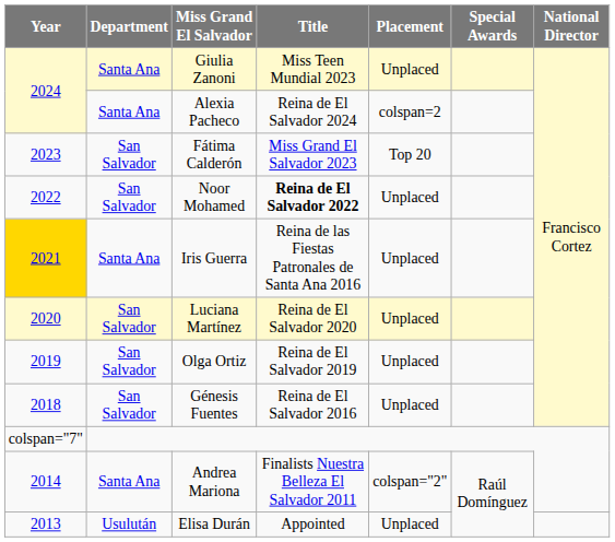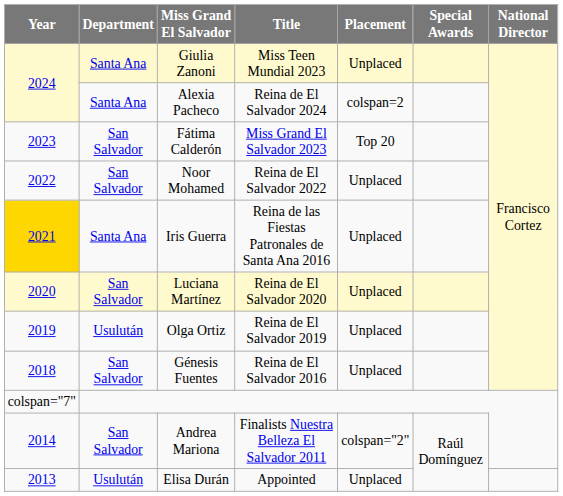 <table class="wikitable" style="font-size: 95%; text-align:center">
 <tr>
 <th style="background-color:#787878;color:#FFFFFF;">Year</th>
 <th style="background-color:#787878;color:#FFFFFF;">Department</th>
 <th style="background-color:#787878;color:#FFFFFF;">Miss Grand El Salvador</th>
 <th style="background-color:#787878;color:#FFFFFF;">Title</th>
 <th style="background-color:#787878;color:#FFFFFF;">Placement</th>
 <th style="background-color:#787878;color:#FFFFFF;">Special Awards</th>
 <th style="background-color:#787878;color:#FFFFFF;">National Director</th>
 </tr>
 <tr bgcolor=#FFFACD>
 <td rowspan=2><a href='#'>2024</a></td>
 <td><a href='#'>Santa Ana</a></td>
 <td>Giulia Zanoni</td>
 <td>Miss Teen Mundial 2023</td>
 <td>Unplaced</td>
 <td></td>
 <td rowspan=8>Francisco Cortez</td>
 </tr>
 <tr>
 <td><a href='#'>Santa Ana</a></td>
 <td>Alexia Pacheco</td>
 <td>Reina de El Salvador 2024</td>
 <td>colspan=2 </td>
 </tr>
 <tr>
 <td><a href='#'>2023</a></td>
 <td><a href='#'>San Salvador</a></td>
 <td>Fátima Calderón</td>
 <td><a href='#'>Miss Grand El Salvador 2023</a></td>
 <td>Top 20</td>
 <td></td>
 </tr>
 <tr>
 <td><a href='#'>2022</a></td>
 <td><a href='#'>San Salvador</a></td>
 <td>Noor Mohamed</td>
-<td><strong>Reina de El Salvador 2022</strong></td>
+<td>Reina de El Salvador 2022</td>
 <td>Unplaced</td>
 <td></td>
 </tr>
 <tr>
 <td style="background: gold;"><a href='#'>2021</a></td>
 <td><a href='#'>Santa Ana</a></td>
 <td>Iris Guerra</td>
 <td>Reina de las Fiestas Patronales de Santa Ana 2016</td>
 <td>Unplaced</td>
 <td></td>
 </tr>
 <tr bgcolor=#FFFACD>
 <td><a href='#'>2020</a></td>
 <td><a href='#'>San Salvador</a></td>
 <td>Luciana Martínez</td>
 <td>Reina de El Salvador 2020</td>
 <td>Unplaced</td>
 <td></td>
 </tr>
 <tr>
 <td><a href='#'>2019</a></td>
-<td><a href='#'>San Salvador</a></td>
+<td><a href='#'>Usulután</a></td>
 <td>Olga Ortiz</td>
 <td>Reina de El Salvador 2019</td>
 <td>Unplaced</td>
 <td></td>
 </tr>
 <tr>
 <td><a href='#'>2018</a></td>
 <td><a href='#'>San Salvador</a></td>
 <td>Génesis Fuentes</td>
 <td>Reina de El Salvador 2016</td>
 <td>Unplaced</td>
 <td></td>
 </tr>
 <tr>
 <td>colspan="7" </td>
 </tr>
 <tr>
 <td><a href='#'>2014</a></td>
-<td><a href='#'>Santa Ana</a></td>
+<td><a href='#'>San Salvador</a></td>
 <td>Andrea Mariona</td>
 <td>Finalists <a href='#'>Nuestra Belleza El Salvador 2011</a></td>
 <td>colspan="2" </td>
 <td rowspan=2>Raúl Domínguez</td>
 </tr>
 <tr>
 <td><a href='#'>2013</a></td>
 <td><a href='#'>Usulután</a></td>
 <td>Elisa Durán</td>
 <td>Appointed</td>
 <td>Unplaced</td>
 <td></td>
 </tr>
 </table>
